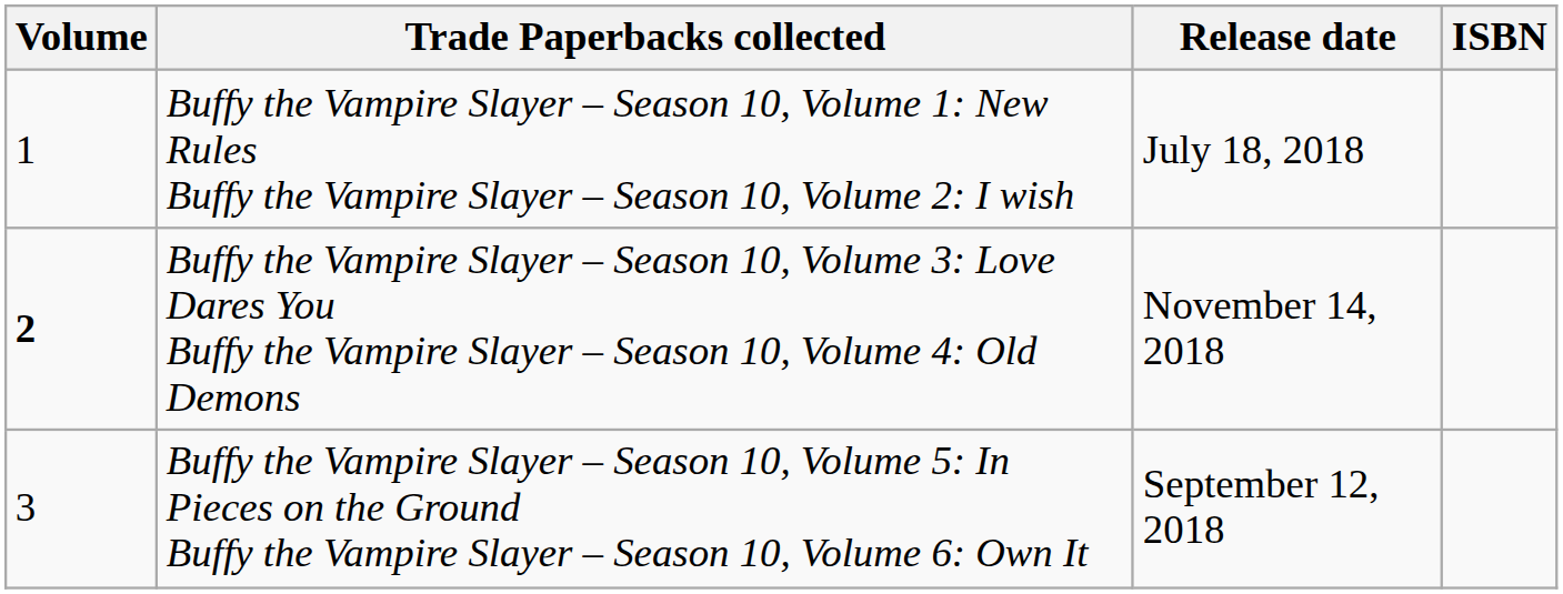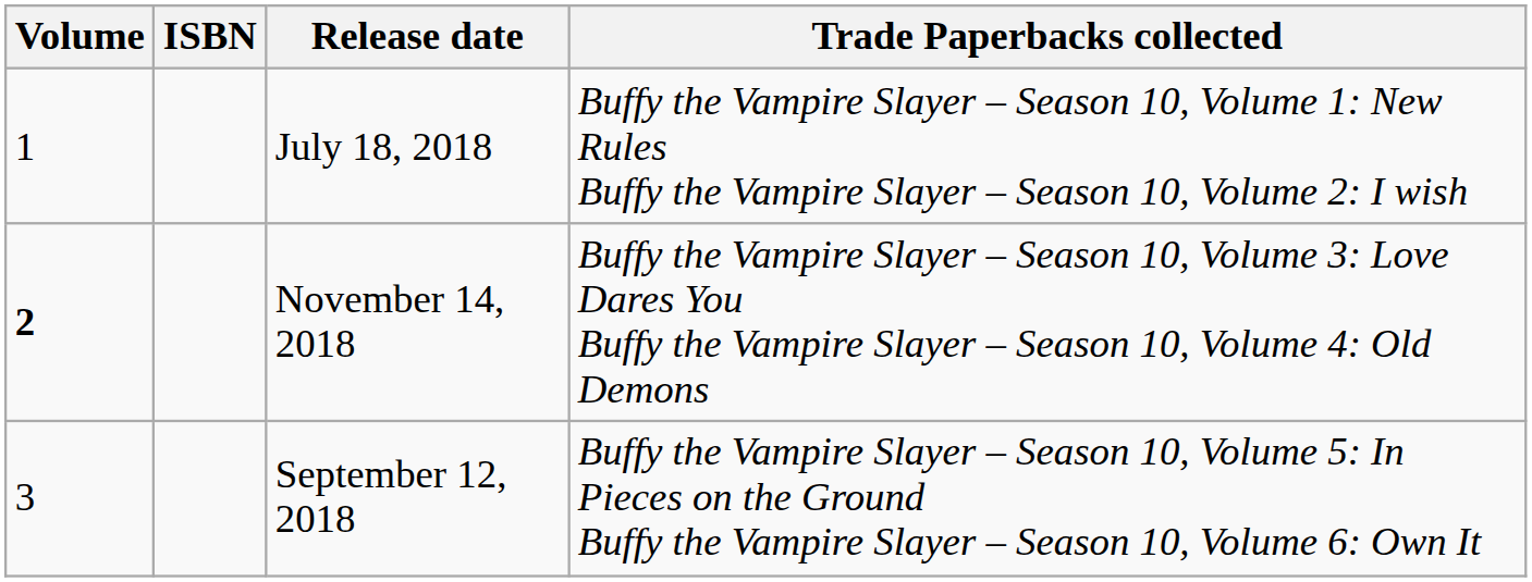 <table class="wikitable">
 <tr>
 <th>Volume</th>
+<th><strong>ISBN</strong></th>
+<th><strong>Release date</strong></th>
 <th><strong>Trade Paperbacks collected</strong></th>
-<th><strong>Release date</strong></th>
-<th><strong>ISBN</strong></th>
 </tr>
 <tr>
 <td>1</td>
+<td></td>
+<td>July 18, 2018</td>
 <td><em>Buffy the Vampire Slayer – Season 10, Volume 1: New Rules</em><br><em>Buffy the Vampire Slayer – Season 10, Volume 2: I wish</em></td>
-<td>July 18, 2018</td>
-<td></td>
 </tr>
 <tr>
 <td><strong>2</strong></td>
+<td></td>
+<td>November 14, 2018</td>
 <td><em>Buffy the Vampire Slayer – Season 10, Volume 3: Love Dares You</em><br><em>Buffy the Vampire Slayer – Season 10, Volume 4: Old Demons</em></td>
-<td>November 14, 2018</td>
-<td></td>
 </tr>
 <tr>
 <td>3</td>
+<td></td>
+<td>September 12, 2018</td>
 <td><em>Buffy the Vampire Slayer – Season 10, Volume 5: In Pieces on the Ground</em><br><em>Buffy the Vampire Slayer – Season 10, Volume 6: Own It</em></td>
-<td>September 12, 2018</td>
-<td></td>
 </tr>
 </table>
